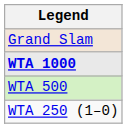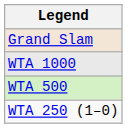 <table class="wikitable" style="font-size:90%;">
 <tr>
 <th>Legend</th>
 </tr>
 <tr>
 <td style="background:#f3e6d7;"><a href='#'>Grand Slam</a></td>
 </tr>
 <tr>
-<td style="background:#e9e9e9;"><strong><a href='#'>WTA 1000</a></strong></td>
+<td style="background:#e9e9e9;"><a href='#'>WTA 1000</a></td>
 </tr>
 <tr>
 <td style="background:#d4f1c5;"><a href='#'>WTA 500</a></td>
 </tr>
 <tr>
 <td><a href='#'>WTA 250</a> (1–0)</td>
 </tr>
 </table>
